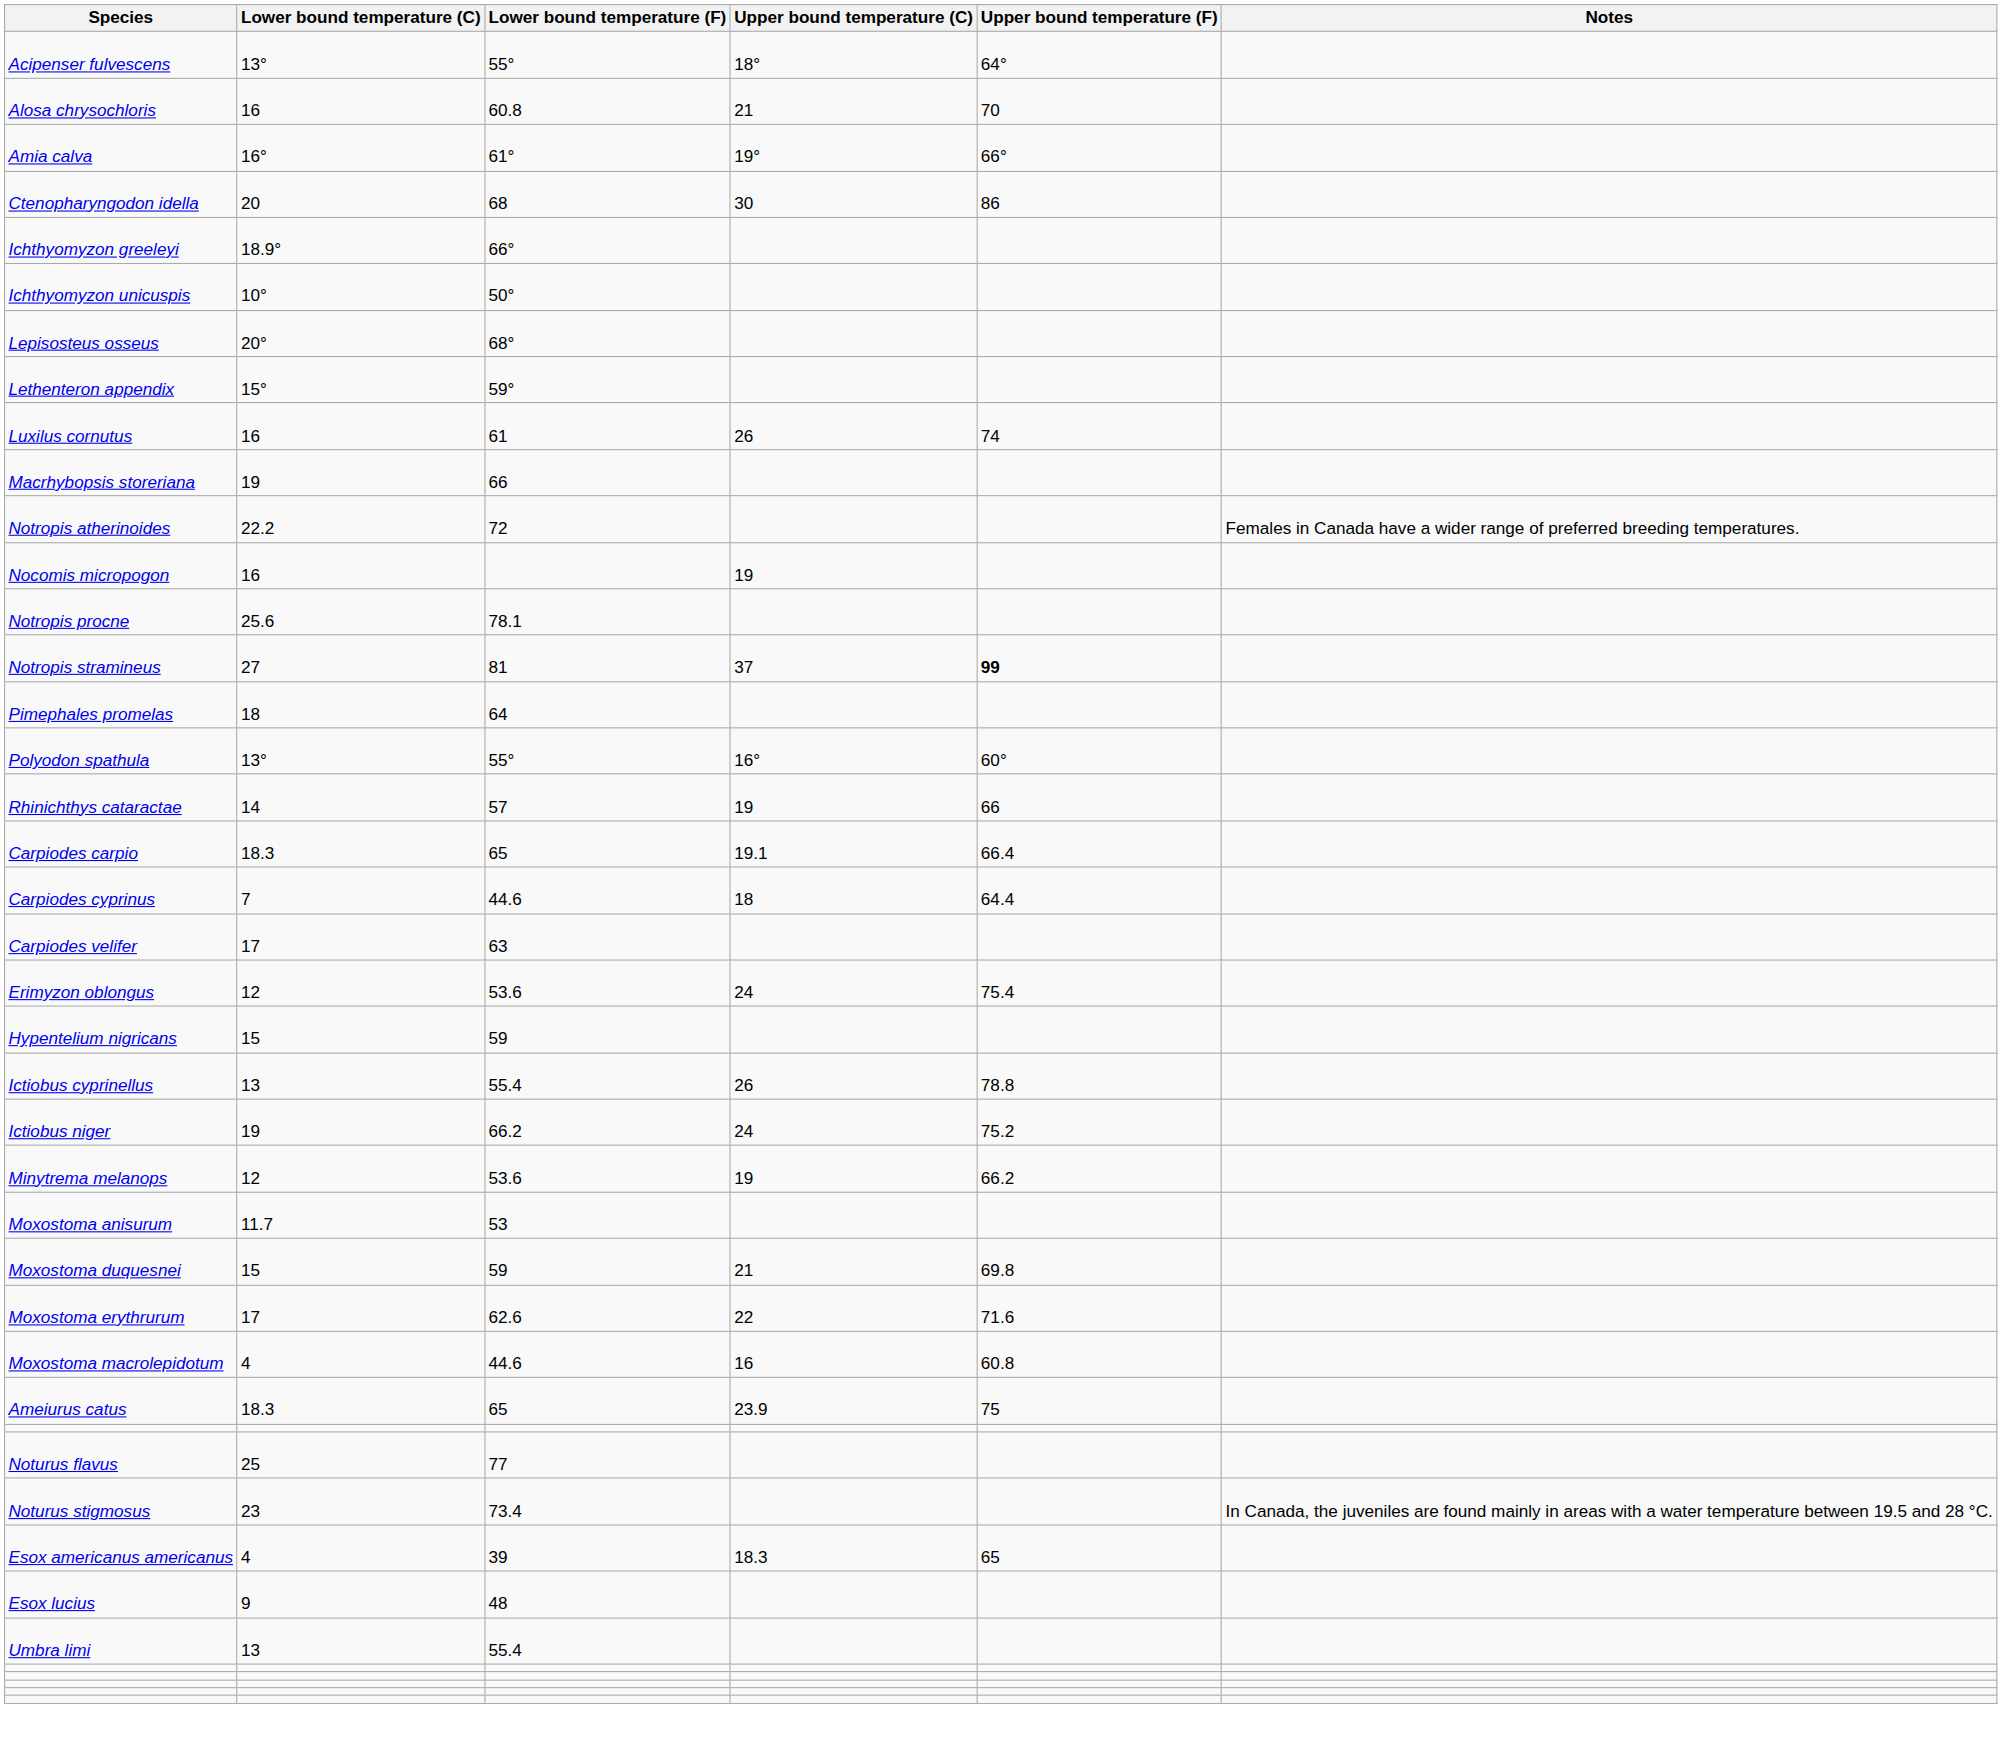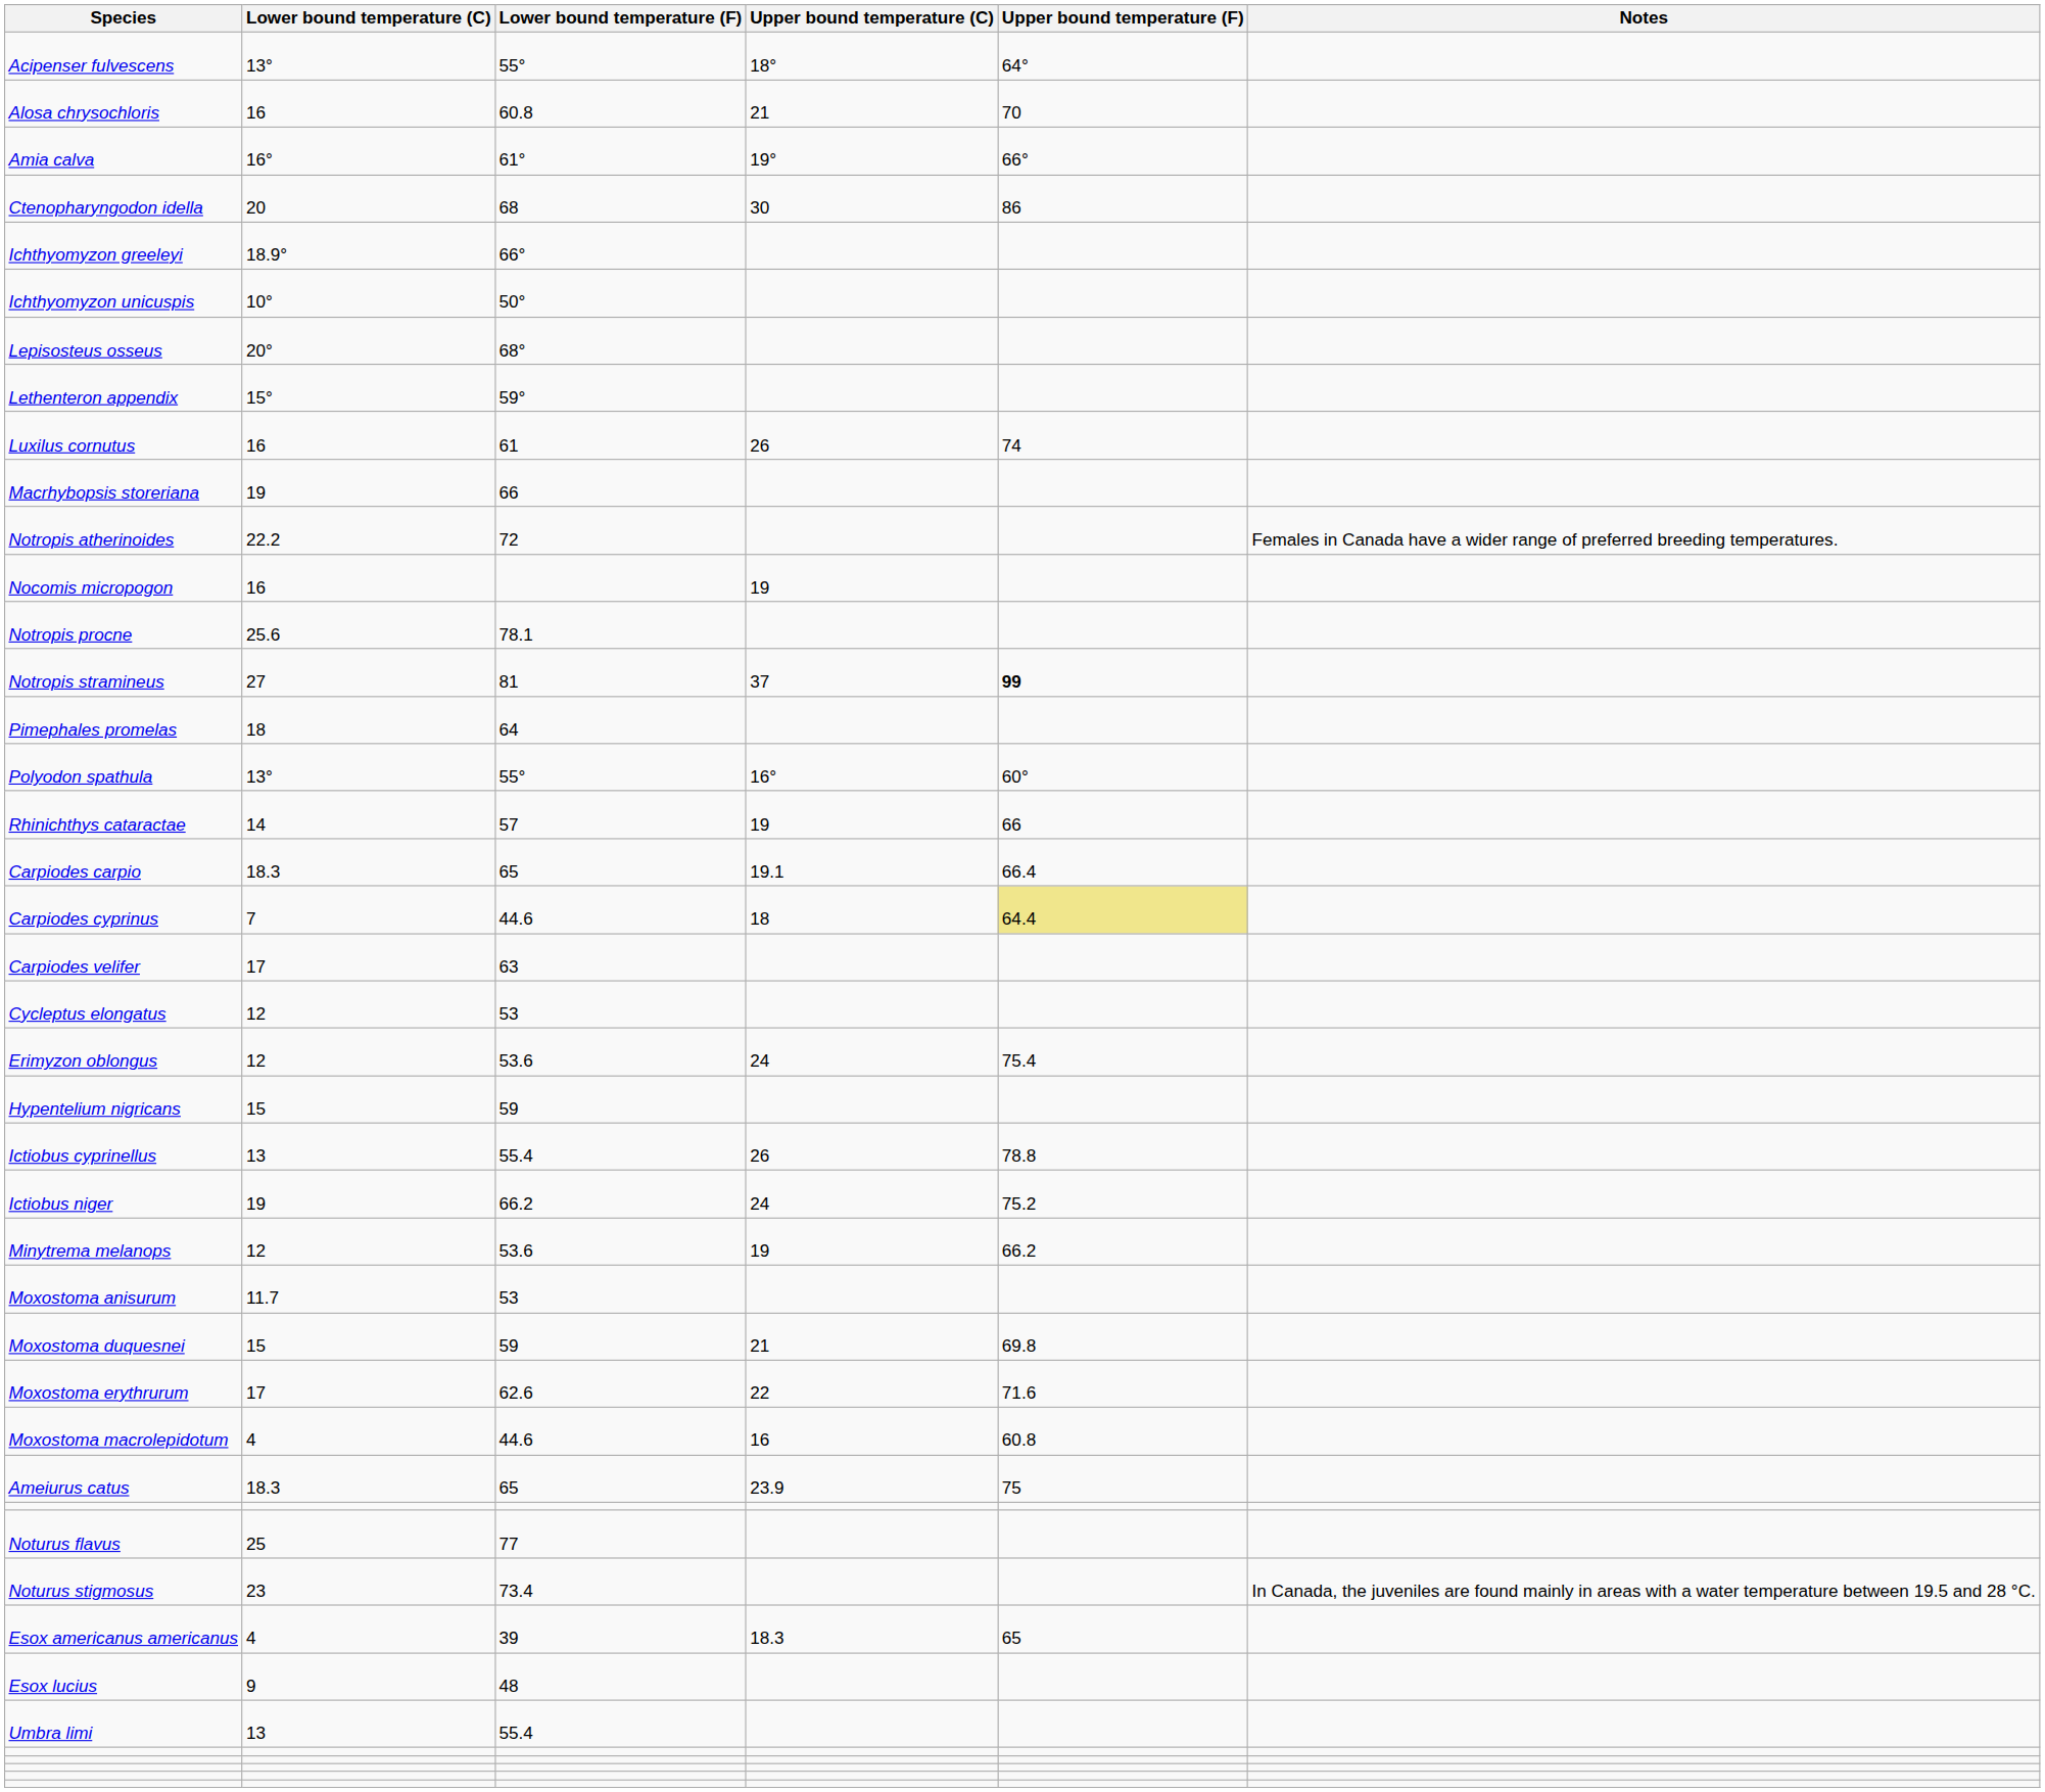 <table class="wikitable sortable mw-collapsible mw-collapsed" align="center">
 <tr>
 <th>Species</th>
 <th>Lower bound temperature (C)</th>
 <th>Lower bound temperature (F)</th>
 <th>Upper bound temperature (C)</th>
 <th>Upper bound temperature (F)</th>
 <th>Notes</th>
 </tr>
 <tr>
 <td><br><em><a href='#'>Acipenser fulvescens</a></em></td>
 <td><br>13°</td>
 <td><br>55°</td>
 <td><br>18°</td>
 <td><br>64°</td>
 <td></td>
 </tr>
 <tr>
 <td><br><em><a href='#'>Alosa chrysochloris</a></em></td>
 <td><br>16</td>
 <td><br>60.8</td>
 <td><br>21</td>
 <td><br>70</td>
 <td></td>
 </tr>
 <tr>
 <td><br><em><a href='#'>Amia calva</a></em></td>
 <td><br>16°</td>
 <td><br>61°</td>
 <td><br>19°</td>
 <td><br>66°</td>
 <td></td>
 </tr>
 <tr>
 <td><br><em><a href='#'>Ctenopharyngodon idella</a></em></td>
 <td><br>20</td>
 <td><br>68</td>
 <td><br>30</td>
 <td><br>86</td>
 <td></td>
 </tr>
 <tr>
 <td><br><em><a href='#'>Ichthyomyzon greeleyi</a></em></td>
 <td><br>18.9°</td>
 <td><br>66°</td>
 <td></td>
 <td></td>
 <td></td>
 </tr>
 <tr>
 <td><br><em><a href='#'>Ichthyomyzon unicuspis</a></em></td>
 <td><br>10°</td>
 <td><br>50°</td>
 <td></td>
 <td></td>
 <td></td>
 </tr>
 <tr>
 <td><br><em><a href='#'>Lepisosteus osseus</a></em></td>
 <td><br>20°</td>
 <td><br>68°</td>
 <td></td>
 <td></td>
 <td></td>
 </tr>
 <tr>
 <td><br><em><a href='#'>Lethenteron appendix</a></em></td>
 <td><br>15°</td>
 <td><br>59°</td>
 <td></td>
 <td></td>
 <td></td>
 </tr>
 <tr>
 <td><br><em><a href='#'>Luxilus cornutus</a></em></td>
 <td><br>16</td>
 <td><br>61</td>
 <td><br>26</td>
 <td><br>74</td>
 <td></td>
 </tr>
 <tr>
 <td><br><em><a href='#'>Macrhybopsis storeriana</a></em></td>
 <td><br>19</td>
 <td><br>66</td>
 <td></td>
 <td></td>
 <td></td>
 </tr>
 <tr>
 <td><br><em><a href='#'>Notropis atherinoides</a></em></td>
 <td><br>22.2</td>
 <td><br>72</td>
 <td></td>
 <td></td>
 <td><br>Females in Canada have a wider range of preferred breeding temperatures.</td>
 </tr>
 <tr>
 <td><br><em><a href='#'>Nocomis micropogon</a></em></td>
 <td><br>16</td>
 <td></td>
 <td><br>19</td>
 <td></td>
 <td></td>
 </tr>
 <tr>
 <td><br><em><a href='#'>Notropis procne</a></em></td>
 <td><br>25.6</td>
 <td><br>78.1</td>
 <td></td>
 <td></td>
 <td></td>
 </tr>
 <tr>
 <td><br><em><a href='#'>Notropis stramineus</a></em></td>
 <td><br>27 </td>
 <td><br>81</td>
 <td><br>37</td>
 <td><strong><br>99</strong></td>
 <td></td>
 </tr>
 <tr>
 <td><br><em><a href='#'>Pimephales promelas</a></em></td>
 <td><br>18</td>
 <td><br>64</td>
 <td></td>
 <td></td>
 <td></td>
 </tr>
 <tr>
 <td><br><em><a href='#'>Polyodon spathula</a></em></td>
 <td><br>13°</td>
 <td><br>55°</td>
 <td><br>16°</td>
 <td><br>60°</td>
 <td></td>
 </tr>
 <tr>
 <td><br><em><a href='#'>Rhinichthys cataractae</a></em></td>
 <td><br>14</td>
 <td><br>57</td>
 <td><br>19</td>
 <td><br>66</td>
 <td></td>
 </tr>
 <tr>
 <td><br><em><a href='#'>Carpiodes carpio</a></em></td>
 <td><br>18.3</td>
 <td><br>65</td>
 <td><br>19.1</td>
 <td><br>66.4</td>
 <td></td>
 </tr>
 <tr>
 <td><br><em><a href='#'>Carpiodes cyprinus</a></em></td>
 <td><br>7</td>
 <td><br>44.6</td>
 <td><br>18</td>
-<td><br>64.4</td>
+<td style="background: khaki;"><br>64.4</td>
 <td></td>
 </tr>
 <tr>
 <td><br><em><a href='#'>Carpiodes velifer</a></em></td>
 <td><br>17</td>
 <td><br>63</td>
+<td></td>
+<td></td>
+<td></td>
+</tr>
+<tr>
+<td><br><em><a href='#'>Cycleptus elongatus</a></em></td>
+<td><br>12</td>
+<td><br>53</td>
 <td></td>
 <td></td>
 <td></td>
 </tr>
 <tr>
 <td><br><em><a href='#'>Erimyzon oblongus</a></em></td>
 <td><br>12</td>
 <td><br>53.6</td>
 <td><br>24</td>
 <td><br>75.4</td>
 <td></td>
 </tr>
 <tr>
 <td><br><em><a href='#'>Hypentelium nigricans</a></em></td>
 <td><br>15</td>
 <td><br>59</td>
 <td></td>
 <td></td>
 <td></td>
 </tr>
 <tr>
 <td><br><em><a href='#'>Ictiobus cyprinellus</a></em></td>
 <td><br>13</td>
 <td><br>55.4</td>
 <td><br>26</td>
 <td><br>78.8</td>
 <td></td>
 </tr>
 <tr>
 <td><br><em><a href='#'>Ictiobus niger</a></em></td>
 <td><br>19</td>
 <td><br>66.2</td>
 <td><br>24</td>
 <td><br>75.2</td>
 <td></td>
 </tr>
 <tr>
 <td><br><em><a href='#'>Minytrema melanops</a></em></td>
 <td><br>12 </td>
 <td><br>53.6 </td>
 <td><br>19 </td>
 <td><br>66.2 </td>
 <td></td>
 </tr>
 <tr>
 <td><br><em><a href='#'>Moxostoma anisurum</a></em></td>
 <td><br>11.7</td>
 <td><br>53</td>
 <td></td>
 <td></td>
 <td></td>
 </tr>
 <tr>
 <td><br><em><a href='#'>Moxostoma duquesnei</a></em></td>
 <td><br>15</td>
 <td><br>59</td>
 <td><br>21</td>
 <td><br>69.8</td>
 <td></td>
 </tr>
 <tr>
 <td><br><em><a href='#'>Moxostoma erythrurum</a></em></td>
 <td><br>17</td>
 <td><br>62.6</td>
 <td><br>22</td>
 <td><br>71.6</td>
 <td></td>
 </tr>
 <tr>
 <td><br><em><a href='#'>Moxostoma macrolepidotum</a></em></td>
 <td><br>4</td>
 <td><br>44.6</td>
 <td><br>16</td>
 <td><br>60.8</td>
 <td></td>
 </tr>
 <tr>
 <td><br><em><a href='#'>Ameiurus catus</a></em></td>
 <td><br>18.3</td>
 <td><br>65</td>
 <td><br>23.9</td>
 <td><br>75</td>
 <td></td>
 </tr>
 <tr>
 <td></td>
 <td></td>
 <td></td>
 <td></td>
 <td></td>
 <td></td>
 </tr>
 <tr>
 <td><br><em><a href='#'>Noturus flavus</a></em></td>
 <td><br>25</td>
 <td><br>77</td>
 <td></td>
 <td></td>
 <td></td>
 </tr>
 <tr>
 <td><br><em><a href='#'>Noturus stigmosus</a></em></td>
 <td><br>23</td>
 <td><br>73.4</td>
 <td></td>
 <td></td>
 <td><br>In Canada, the juveniles are found mainly in areas with a water temperature between 19.5 and 28 °C.</td>
 </tr>
 <tr>
 <td><br><em><a href='#'>Esox americanus americanus</a></em></td>
 <td><br>4</td>
 <td><br>39</td>
 <td><br>18.3</td>
 <td><br>65</td>
 <td></td>
 </tr>
 <tr>
 <td><br><em><a href='#'>Esox lucius</a></em></td>
 <td><br>9</td>
 <td><br>48</td>
 <td></td>
 <td></td>
 <td></td>
 </tr>
 <tr>
 <td><br><em><a href='#'>Umbra limi</a></em></td>
 <td><br>13</td>
 <td><br>55.4</td>
 <td></td>
 <td></td>
 <td></td>
 </tr>
 <tr>
 <td></td>
 <td></td>
 <td></td>
 <td></td>
 <td></td>
 <td></td>
 </tr>
 <tr>
 <td></td>
 <td></td>
 <td></td>
 <td></td>
 <td></td>
 <td></td>
 </tr>
 <tr>
 <td></td>
 <td></td>
 <td></td>
 <td></td>
 <td></td>
 <td></td>
 </tr>
 <tr>
 <td></td>
 <td></td>
 <td></td>
 <td></td>
 <td></td>
 <td></td>
 </tr>
 <tr>
 <td></td>
 <td></td>
 <td></td>
 <td></td>
 <td></td>
 <td></td>
 </tr>
 <tr>
 </tr>
 </table>
